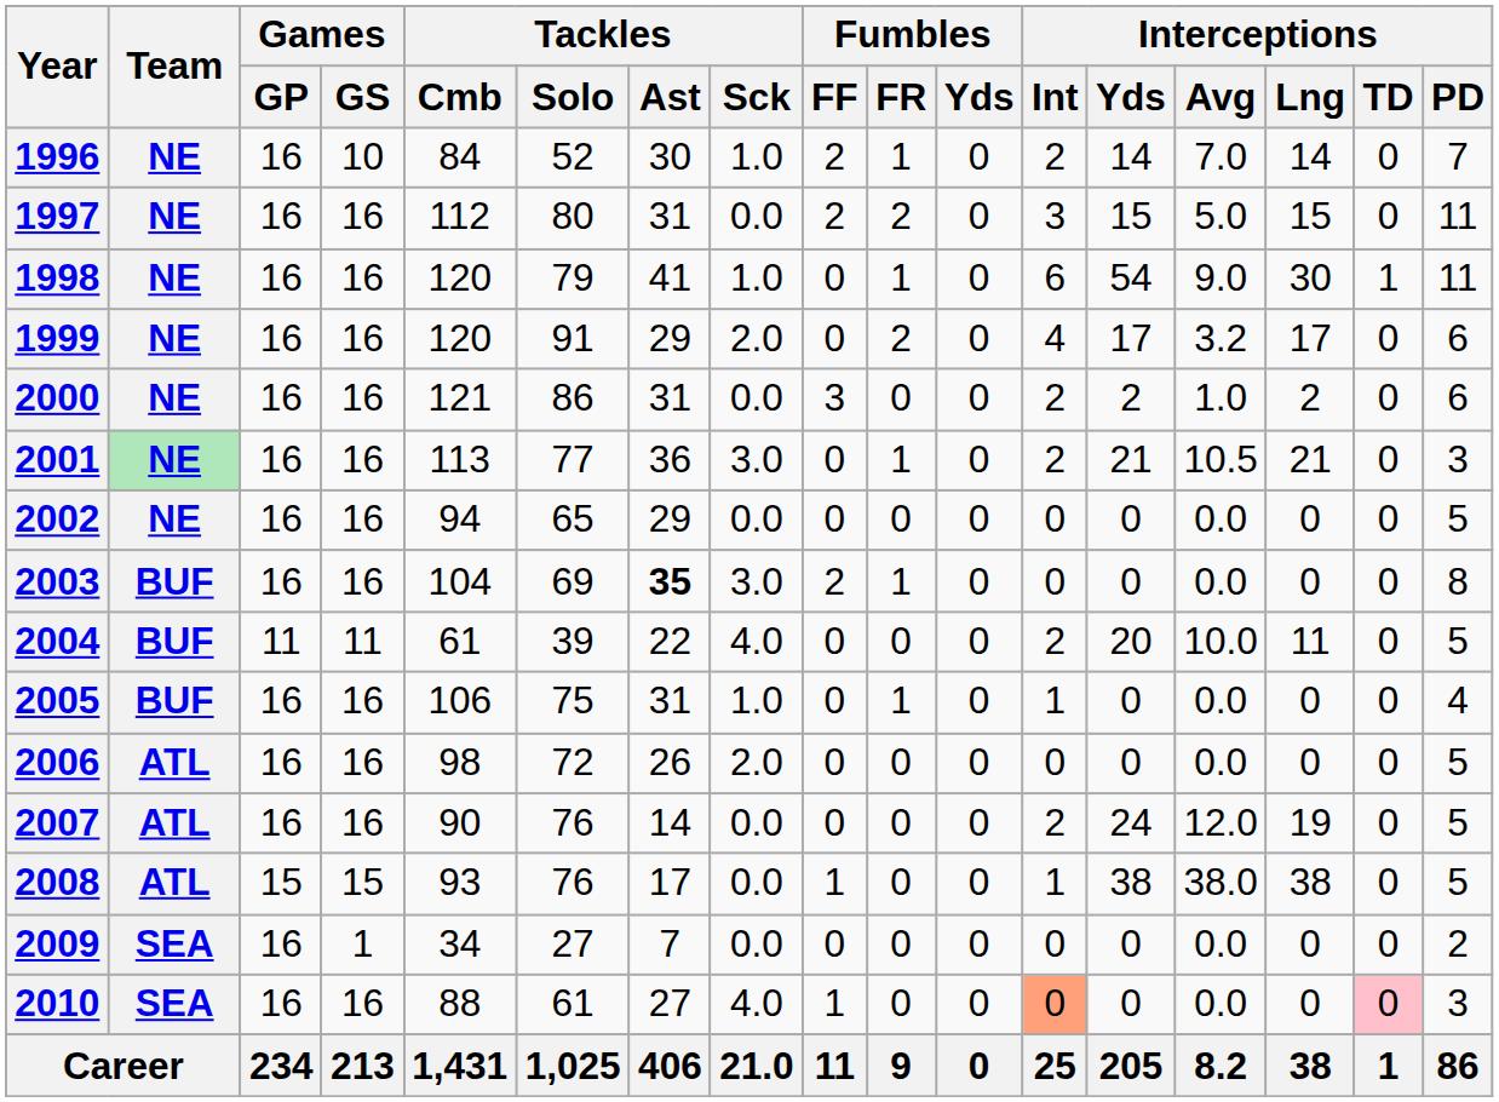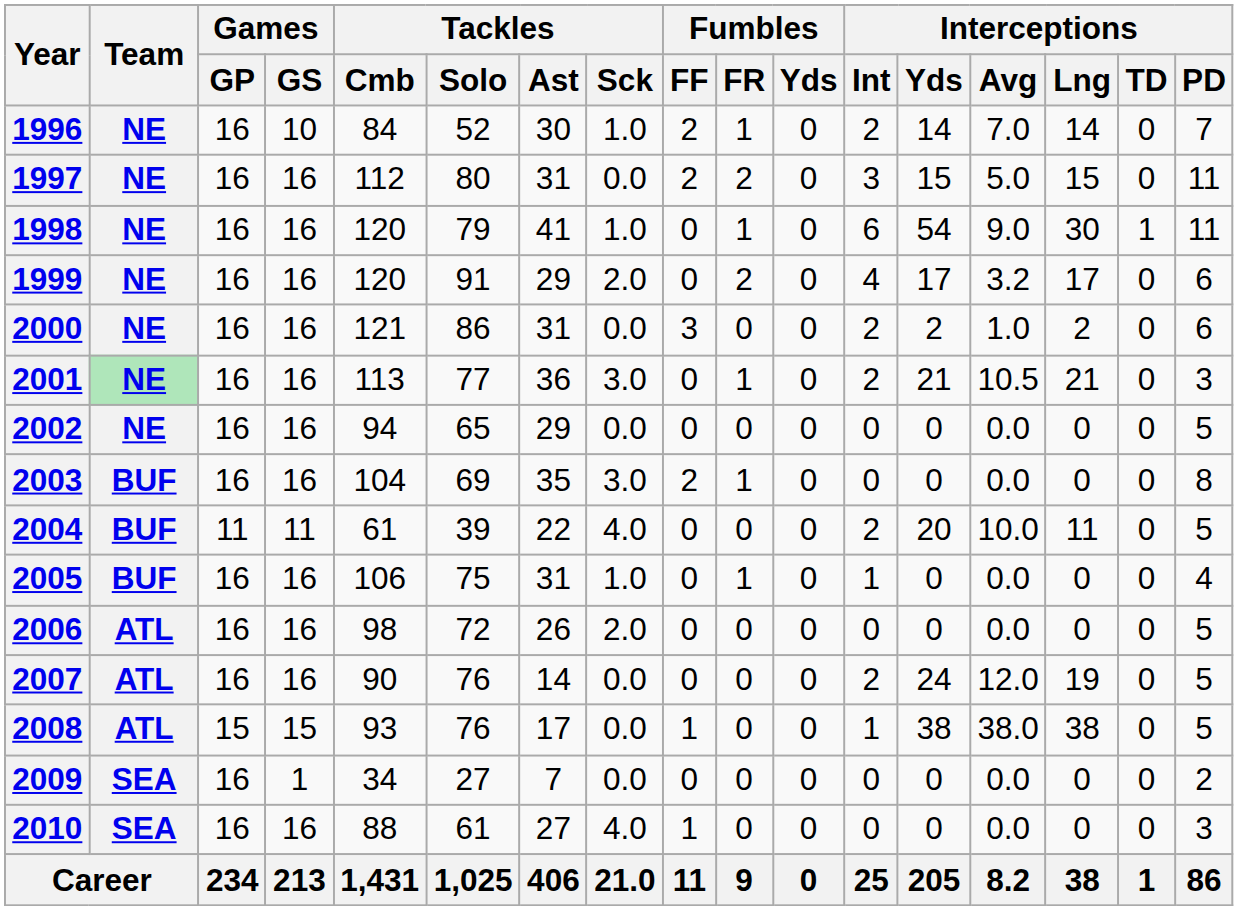 <table class=wikitable style="text-align:center;">
 <tr>
 <th rowspan="2">Year</th>
 <th rowspan="2">Team</th>
 <th colspan="2">Games</th>
 <th colspan="4">Tackles</th>
 <th colspan="3">Fumbles</th>
 <th colspan="6">Interceptions</th>
 </tr>
 <tr>
 <th>GP</th>
 <th>GS</th>
 <th>Cmb</th>
 <th>Solo</th>
 <th>Ast</th>
 <th>Sck</th>
 <th>FF</th>
 <th>FR</th>
 <th>Yds</th>
 <th>Int</th>
 <th>Yds</th>
 <th>Avg</th>
 <th>Lng</th>
 <th>TD</th>
 <th>PD</th>
 </tr>
 <tr>
 <th><a href='#'>1996</a></th>
 <th><a href='#'>NE</a></th>
 <td>16</td>
 <td>10</td>
 <td>84</td>
 <td>52</td>
 <td>30</td>
 <td>1.0</td>
 <td>2</td>
 <td>1</td>
 <td>0</td>
 <td>2</td>
 <td>14</td>
 <td>7.0</td>
 <td>14</td>
 <td>0</td>
 <td>7</td>
 </tr>
 <tr>
 <th><a href='#'>1997</a></th>
 <th><a href='#'>NE</a></th>
 <td>16</td>
 <td>16</td>
 <td>112</td>
 <td>80</td>
 <td>31</td>
 <td>0.0</td>
 <td>2</td>
 <td>2</td>
 <td>0</td>
 <td>3</td>
 <td>15</td>
 <td>5.0</td>
 <td>15</td>
 <td>0</td>
 <td>11</td>
 </tr>
 <tr>
 <th><a href='#'>1998</a></th>
 <th><a href='#'>NE</a></th>
 <td>16</td>
 <td>16</td>
 <td>120</td>
 <td>79</td>
 <td>41</td>
 <td>1.0</td>
 <td>0</td>
 <td>1</td>
 <td>0</td>
 <td>6</td>
 <td>54</td>
 <td>9.0</td>
 <td>30</td>
 <td>1</td>
 <td>11</td>
 </tr>
 <tr>
 <th><a href='#'>1999</a></th>
 <th><a href='#'>NE</a></th>
 <td>16</td>
 <td>16</td>
 <td>120</td>
 <td>91</td>
 <td>29</td>
 <td>2.0</td>
 <td>0</td>
 <td>2</td>
 <td>0</td>
 <td>4</td>
 <td>17</td>
 <td>3.2</td>
 <td>17</td>
 <td>0</td>
 <td>6</td>
 </tr>
 <tr>
 <th><a href='#'>2000</a></th>
 <th><a href='#'>NE</a></th>
 <td>16</td>
 <td>16</td>
 <td>121</td>
 <td>86</td>
 <td>31</td>
 <td>0.0</td>
 <td>3</td>
 <td>0</td>
 <td>0</td>
 <td>2</td>
 <td>2</td>
 <td>1.0</td>
 <td>2</td>
 <td>0</td>
 <td>6</td>
 </tr>
 <tr>
 <th><a href='#'>2001</a></th>
 <th style="background:#afe6ba; width:3em;"><a href='#'>NE</a></th>
 <td>16</td>
 <td>16</td>
 <td>113</td>
 <td>77</td>
 <td>36</td>
 <td>3.0</td>
 <td>0</td>
 <td>1</td>
 <td>0</td>
 <td>2</td>
 <td>21</td>
 <td>10.5</td>
 <td>21</td>
 <td>0</td>
 <td>3</td>
 </tr>
 <tr>
 <th><a href='#'>2002</a></th>
 <th><a href='#'>NE</a></th>
 <td>16</td>
 <td>16</td>
 <td>94</td>
 <td>65</td>
 <td>29</td>
 <td>0.0</td>
 <td>0</td>
 <td>0</td>
 <td>0</td>
 <td>0</td>
 <td>0</td>
 <td>0.0</td>
 <td>0</td>
 <td>0</td>
 <td>5</td>
 </tr>
 <tr>
 <th><a href='#'>2003</a></th>
 <th><a href='#'>BUF</a></th>
 <td>16</td>
 <td>16</td>
 <td>104</td>
 <td>69</td>
-<td><strong>35</strong></td>
+<td>35</td>
 <td>3.0</td>
 <td>2</td>
 <td>1</td>
 <td>0</td>
 <td>0</td>
 <td>0</td>
 <td>0.0</td>
 <td>0</td>
 <td>0</td>
 <td>8</td>
 </tr>
 <tr>
 <th><a href='#'>2004</a></th>
 <th><a href='#'>BUF</a></th>
 <td>11</td>
 <td>11</td>
 <td>61</td>
 <td>39</td>
 <td>22</td>
 <td>4.0</td>
 <td>0</td>
 <td>0</td>
 <td>0</td>
 <td>2</td>
 <td>20</td>
 <td>10.0</td>
 <td>11</td>
 <td>0</td>
 <td>5</td>
 </tr>
 <tr>
 <th><a href='#'>2005</a></th>
 <th><a href='#'>BUF</a></th>
 <td>16</td>
 <td>16</td>
 <td>106</td>
 <td>75</td>
 <td>31</td>
 <td>1.0</td>
 <td>0</td>
 <td>1</td>
 <td>0</td>
 <td>1</td>
 <td>0</td>
 <td>0.0</td>
 <td>0</td>
 <td>0</td>
 <td>4</td>
 </tr>
 <tr>
 <th><a href='#'>2006</a></th>
 <th><a href='#'>ATL</a></th>
 <td>16</td>
 <td>16</td>
 <td>98</td>
 <td>72</td>
 <td>26</td>
 <td>2.0</td>
 <td>0</td>
 <td>0</td>
 <td>0</td>
 <td>0</td>
 <td>0</td>
 <td>0.0</td>
 <td>0</td>
 <td>0</td>
 <td>5</td>
 </tr>
 <tr>
 <th><a href='#'>2007</a></th>
 <th><a href='#'>ATL</a></th>
 <td>16</td>
 <td>16</td>
 <td>90</td>
 <td>76</td>
 <td>14</td>
 <td>0.0</td>
 <td>0</td>
 <td>0</td>
 <td>0</td>
 <td>2</td>
 <td>24</td>
 <td>12.0</td>
 <td>19</td>
 <td>0</td>
 <td>5</td>
 </tr>
 <tr>
 <th><a href='#'>2008</a></th>
 <th><a href='#'>ATL</a></th>
 <td>15</td>
 <td>15</td>
 <td>93</td>
 <td>76</td>
 <td>17</td>
 <td>0.0</td>
 <td>1</td>
 <td>0</td>
 <td>0</td>
 <td>1</td>
 <td>38</td>
 <td>38.0</td>
 <td>38</td>
 <td>0</td>
 <td>5</td>
 </tr>
 <tr>
 <th><a href='#'>2009</a></th>
 <th><a href='#'>SEA</a></th>
 <td>16</td>
 <td>1</td>
 <td>34</td>
 <td>27</td>
 <td>7</td>
 <td>0.0</td>
 <td>0</td>
 <td>0</td>
 <td>0</td>
 <td>0</td>
 <td>0</td>
 <td>0.0</td>
 <td>0</td>
 <td>0</td>
 <td>2</td>
 </tr>
 <tr>
 <th><a href='#'>2010</a></th>
 <th><a href='#'>SEA</a></th>
 <td>16</td>
 <td>16</td>
 <td>88</td>
 <td>61</td>
 <td>27</td>
 <td>4.0</td>
 <td>1</td>
 <td>0</td>
 <td>0</td>
-<td style="background: lightsalmon;">0</td>
+<td>0</td>
 <td>0</td>
 <td>0.0</td>
 <td>0</td>
-<td style="background: pink;">0</td>
+<td>0</td>
 <td>3</td>
 </tr>
 <tr>
 <th colspan="2">Career</th>
 <th>234</th>
 <th>213</th>
 <th>1,431</th>
 <th>1,025</th>
 <th>406</th>
 <th>21.0</th>
 <th>11</th>
 <th>9</th>
 <th>0</th>
 <th>25</th>
 <th>205</th>
 <th>8.2</th>
 <th>38</th>
 <th>1</th>
 <th>86</th>
 </tr>
 </table>
